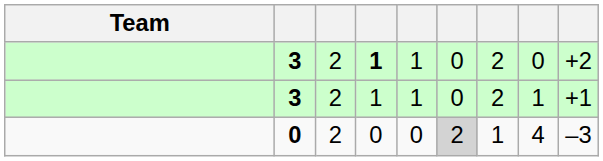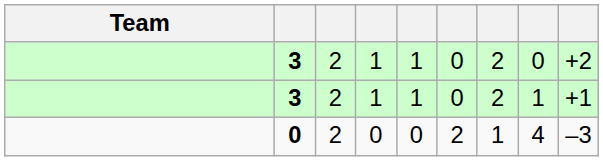 <table class="wikitable" style="text-align:center">
 <tr>
 <th width="175">Team</th>
 <th width="20"></th>
 <th width="20"></th>
 <th width="20"></th>
 <th width="20"></th>
 <th width="20"></th>
 <th width="20"></th>
 <th width="20"></th>
 <th width="20"></th>
 </tr>
 <tr bgcolor=#CCFFCC>
 <td align=left></td>
 <td><strong>3</strong></td>
 <td>2</td>
-<td><strong>1</strong></td>
+<td>1</td>
 <td>1</td>
 <td>0</td>
 <td>2</td>
 <td>0</td>
 <td>+2</td>
 </tr>
 <tr bgcolor=#CCFFCC>
 <td align=left></td>
 <td><strong>3</strong></td>
 <td>2</td>
 <td>1</td>
 <td>1</td>
 <td>0</td>
 <td>2</td>
 <td>1</td>
 <td>+1</td>
 </tr>
 <tr>
 <td align=left></td>
 <td><strong>0</strong></td>
 <td>2</td>
 <td>0</td>
 <td>0</td>
-<td style="background: lightgrey;">2</td>
+<td>2</td>
 <td>1</td>
 <td>4</td>
 <td>–3</td>
 </tr>
 </table>
